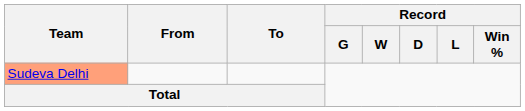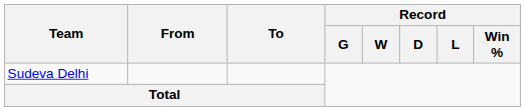 <table class="wikitable" style="text-align: center">
 <tr>
 <th rowspan=2! width=150>Team</th>
 <th rowspan=2! width=120>From</th>
 <th rowspan=2! width=120>To</th>
 <th colspan=7>Record</th>
 </tr>
 <tr>
 <th width=40>G</th>
 <th width=40>W</th>
 <th width=40>D</th>
 <th width=40>L</th>
 <th width=50>Win %</th>
 </tr>
 <tr>
-<td align=left style="background: lightsalmon;"><a href='#'>Sudeva Delhi</a></td>
+<td align=left><a href='#'>Sudeva Delhi</a></td>
 <td align=left></td>
 <td align=left><br></td>
 </tr>
 <tr>
 <th colspan="3">Total<br></th>
 </tr>
 </table>
